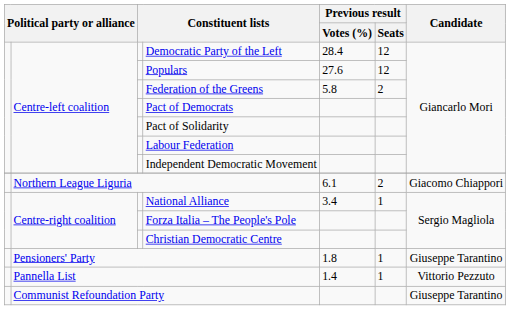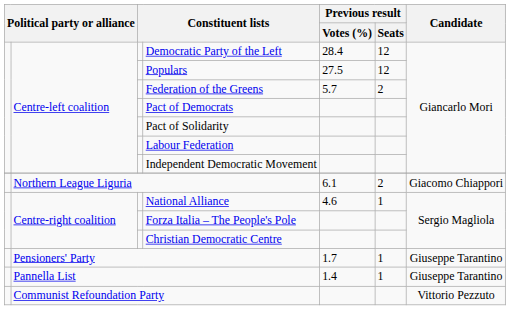 <table class="wikitable" style="text-align:left">
 <tr>
 <th colspan=2 rowspan="2">Political party or alliance</th>
 <th colspan=2 rowspan="2">Constituent lists</th>
 <th colspan="2">Previous result</th>
 <th rowspan="2">Candidate</th>
 </tr>
 <tr>
 <th>Votes (%)</th>
 <th>Seats</th>
 </tr>
 <tr>
 <td rowspan="7"></td>
 <td rowspan="7"><a href='#'>Centre-left coalition</a></td>
 <td></td>
 <td style="text-align:left;"><a href='#'>Democratic Party of the Left</a></td>
 <td>28.4</td>
 <td>12</td>
 <td rowspan="7" style="text-align: center;">Giancarlo Mori</td>
 </tr>
 <tr>
 <td></td>
 <td><a href='#'>Populars</a></td>
-<td>27.6</td>
+<td>27.5</td>
 <td>12</td>
 </tr>
 <tr>
 <td></td>
 <td><a href='#'>Federation of the Greens</a></td>
-<td>5.8</td>
+<td>5.7</td>
 <td>2</td>
 </tr>
 <tr>
 <td></td>
 <td><a href='#'>Pact of Democrats</a></td>
 <td></td>
 <td></td>
 </tr>
 <tr>
 <td></td>
 <td>Pact of Solidarity</td>
 <td></td>
 <td></td>
 </tr>
 <tr>
 <td></td>
 <td><a href='#'>Labour Federation</a></td>
 <td></td>
 <td></td>
 </tr>
 <tr>
 <td></td>
 <td>Independent Democratic Movement</td>
 <td></td>
 <td></td>
 </tr>
 <tr>
 </tr>
 <tr>
 <td style="background-color:"></td>
 <td colspan="3"><a href='#'>Northern League Liguria</a></td>
 <td>6.1</td>
 <td>2</td>
 <td style="text-align: center;">Giacomo Chiappori</td>
 </tr>
 <tr>
 <td rowspan="3" style="background:"></td>
 <td rowspan=3><a href='#'>Centre-right coalition</a></td>
 <td></td>
 <td style="text-align:left;"><a href='#'>National Alliance</a></td>
-<td>3.4</td>
+<td>4.6</td>
 <td>1</td>
 <td rowspan="3" style="text-align: center;">Sergio Magliola</td>
 </tr>
 <tr>
 <td></td>
 <td style="text-align:left;"><a href='#'>Forza Italia – The People's Pole</a></td>
 <td></td>
 <td></td>
 </tr>
 <tr>
 <td></td>
 <td style="text-align:left;"><a href='#'>Christian Democratic Centre</a></td>
 <td></td>
 <td></td>
 </tr>
 <tr>
 <td></td>
 <td colspan="3"><a href='#'>Pensioners' Party</a></td>
-<td>1.8</td>
+<td>1.7</td>
 <td>1</td>
 <td style="text-align: center;">Giuseppe Tarantino</td>
 </tr>
 <tr>
 <td></td>
 <td colspan="3"><a href='#'>Pannella List</a></td>
 <td>1.4</td>
 <td>1</td>
-<td style="text-align: center;">Vittorio Pezzuto</td>
+<td style="text-align: center;">Giuseppe Tarantino</td>
 </tr>
 <tr>
 <td style="background-color:"></td>
 <td colspan="3"><a href='#'>Communist Refoundation Party</a></td>
 <td></td>
 <td></td>
-<td style="text-align: center;">Giuseppe Tarantino</td>
+<td style="text-align: center;">Vittorio Pezzuto</td>
 </tr>
 </table>
